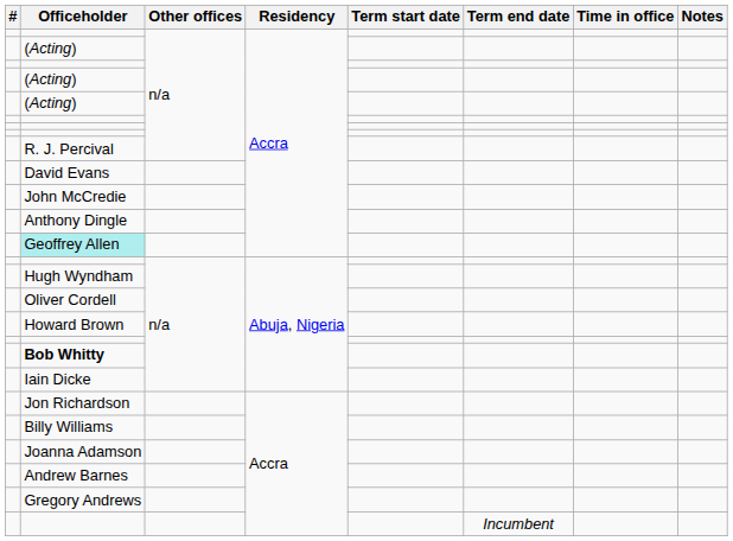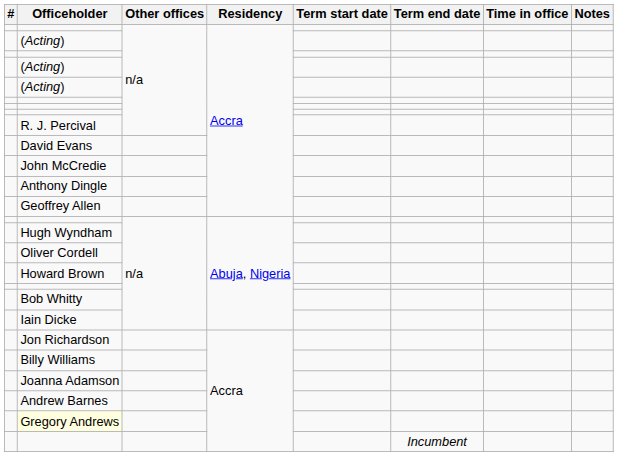 <table class='wikitable sortable'>
 <tr>
 <th>#</th>
 <th>Officeholder</th>
 <th>Other offices</th>
 <th>Residency</th>
 <th>Term start date</th>
 <th>Term end date</th>
 <th>Time in office</th>
 <th>Notes</th>
 </tr>
 <tr>
 <td align=center></td>
 <td></td>
 <td rowspan=9>n/a</td>
 <td rowspan=13><a href='#'>Accra</a></td>
 <td align=center></td>
 <td align=center></td>
 <td align=right></td>
 <td></td>
 </tr>
 <tr>
 <td align=center></td>
 <td> (<em>Acting</em>)</td>
 <td align=center></td>
 <td align=center></td>
 <td align=right></td>
 <td></td>
 </tr>
 <tr>
 <td align=center></td>
 <td></td>
 <td align=center></td>
 <td align=center></td>
 <td align=right></td>
 <td></td>
 </tr>
 <tr>
 <td align=center></td>
 <td> (<em>Acting</em>)</td>
 <td align=center></td>
 <td align=center></td>
 <td align=right></td>
 <td></td>
 </tr>
 <tr>
 <td align=center></td>
 <td> (<em>Acting</em>)</td>
 <td align=center></td>
 <td align=center></td>
 <td align=right></td>
 <td></td>
 </tr>
 <tr>
 <td align=center></td>
 <td></td>
 <td align=center></td>
 <td align=center></td>
 <td align=right></td>
 <td></td>
 </tr>
 <tr>
 <td align=center></td>
 <td></td>
 <td align=center></td>
 <td align=center></td>
 <td align=right></td>
 <td></td>
 </tr>
 <tr>
 <td align=center></td>
 <td></td>
 <td align=center></td>
 <td align=center></td>
 <td align=right></td>
 <td></td>
 </tr>
 <tr>
 <td align=center></td>
 <td>R. J. Percival</td>
 <td align=center></td>
 <td align=center></td>
 <td align=right></td>
 <td></td>
 </tr>
 <tr>
 <td align=center></td>
 <td>David Evans</td>
 <td></td>
 <td align=center></td>
 <td align=center></td>
 <td align=right></td>
 <td></td>
 </tr>
 <tr>
 <td align=center></td>
 <td>John McCredie</td>
 <td></td>
 <td align=center></td>
 <td align=center></td>
 <td align=right></td>
 <td></td>
 </tr>
 <tr>
 <td align=center></td>
 <td>Anthony Dingle</td>
 <td></td>
 <td align=center></td>
 <td align=center></td>
 <td align=right></td>
 <td></td>
 </tr>
 <tr>
 <td align=center></td>
-<td style="background: paleturquoise;">Geoffrey Allen</td>
+<td>Geoffrey Allen</td>
 <td></td>
 <td align=center></td>
 <td align=center></td>
 <td align=right></td>
 <td></td>
 </tr>
 <tr>
 <td align=center></td>
 <td></td>
 <td rowspan=7>n/a</td>
 <td rowspan=7><a href='#'>Abuja</a>, <a href='#'>Nigeria</a></td>
 <td align=center></td>
 <td align=center></td>
 <td align=right></td>
 <td></td>
 </tr>
 <tr>
 <td align=center></td>
 <td>Hugh Wyndham</td>
 <td align=center></td>
 <td align=center></td>
 <td align=right></td>
 <td></td>
 </tr>
 <tr>
 <td align=center></td>
 <td>Oliver Cordell</td>
 <td align=center></td>
 <td align=center></td>
 <td align=right></td>
 <td></td>
 </tr>
 <tr>
 <td align=center></td>
 <td>Howard Brown</td>
 <td align=center></td>
 <td align=center></td>
 <td align=right></td>
 <td></td>
 </tr>
 <tr>
 <td align=center></td>
 <td></td>
 <td align=center></td>
 <td align=center></td>
 <td align=right></td>
 <td></td>
 </tr>
 <tr>
 <td align=center></td>
-<td><strong>Bob Whitty</strong></td>
+<td>Bob Whitty</td>
 <td align=center></td>
 <td align=center></td>
 <td align=right></td>
 <td></td>
 </tr>
 <tr>
 <td align=center></td>
 <td>Iain Dicke</td>
 <td align=center></td>
 <td align=center></td>
 <td align=right></td>
 <td></td>
 </tr>
 <tr>
 <td align=center></td>
 <td>Jon Richardson</td>
 <td></td>
 <td rowspan=6>Accra</td>
 <td align=center></td>
 <td align=center></td>
 <td align=right></td>
 <td></td>
 </tr>
 <tr>
 <td align=center></td>
 <td>Billy Williams</td>
 <td></td>
 <td align=center></td>
 <td align=center></td>
 <td align=right><strong></strong></td>
 <td></td>
 </tr>
 <tr>
 <td align=center></td>
 <td>Joanna Adamson</td>
 <td></td>
 <td align=center></td>
 <td align=center></td>
 <td align=right></td>
 <td></td>
 </tr>
 <tr>
 <td align=center></td>
 <td>Andrew Barnes</td>
 <td></td>
 <td align=center></td>
 <td align=center></td>
 <td align=right></td>
 <td></td>
 </tr>
 <tr>
 <td align=center></td>
-<td>Gregory Andrews</td>
+<td style="background: lightyellow;">Gregory Andrews</td>
 <td></td>
 <td align=center></td>
 <td align=center></td>
 <td align=right></td>
 <td></td>
 </tr>
 <tr>
 <td align=center></td>
 <td></td>
 <td></td>
 <td align=center></td>
 <td align=center><em>Incumbent</em></td>
 <td align=right></td>
 <td></td>
 </tr>
 </table>
